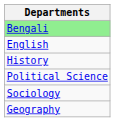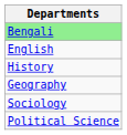 <table class="wikitable sortable">
 <tr>
 <th>Departments</th>
 </tr>
 <tr>
 <td style="background: lightgreen;"><a href='#'>Bengali</a></td>
 </tr>
 <tr>
 <td><a href='#'>English</a></td>
 </tr>
 <tr>
 <td><a href='#'>History</a></td>
 </tr>
 <tr>
-<td><a href='#'>Political Science</a></td>
+<td><a href='#'>Geography</a></td>
 </tr>
 <tr>
 <td><a href='#'>Sociology</a></td>
 </tr>
 <tr>
-<td><a href='#'>Geography</a></td>
+<td><a href='#'>Political Science</a></td>
 </tr>
 </table>
